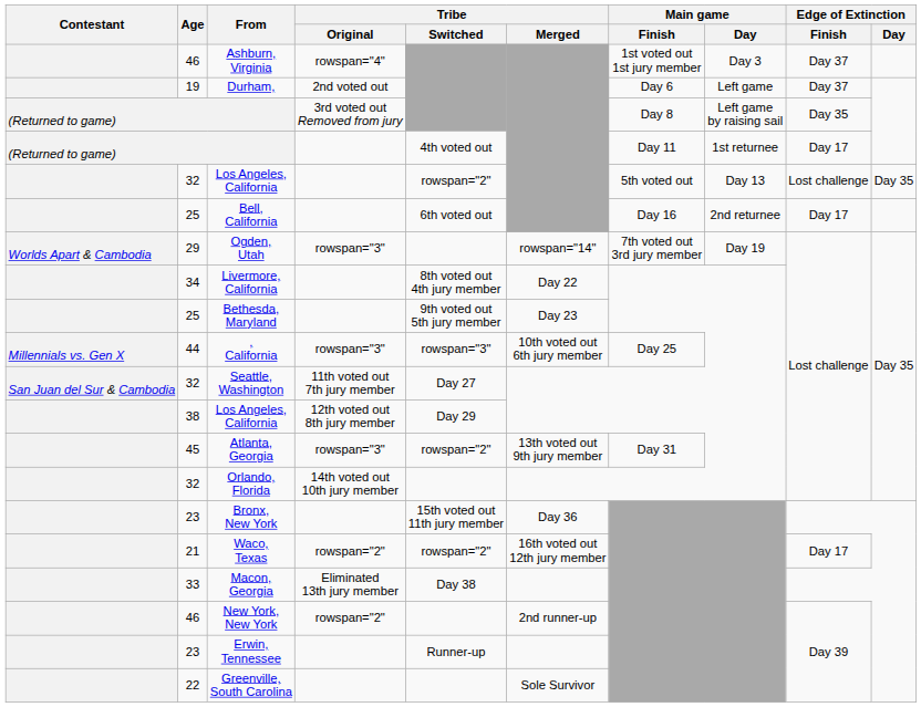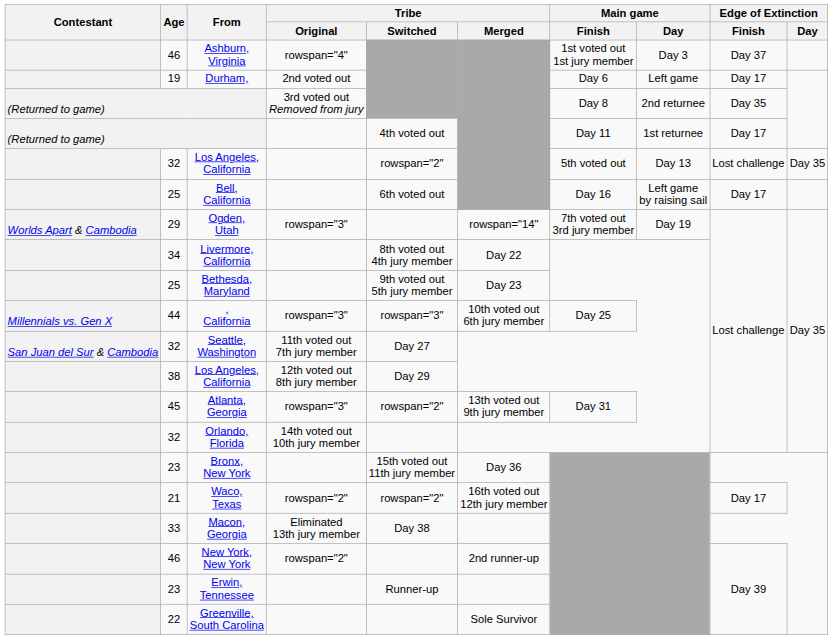 <table class="wikitable sortable" style="margin:auto; text-align:center">
 <tr>
 <th rowspan="2" scope="col">Contestant</th>
 <th rowspan="2" scope="col">Age</th>
 <th rowspan="2" scope="col" class=unsortable>From</th>
 <th colspan="3" scope="colgroup">Tribe</th>
 <th colspan="2" scope="colgroup">Main game</th>
 <th colspan="2" scope="col" class="unsortable">Edge of Extinction</th>
 </tr>
 <tr>
 <th scope="col">Original</th>
 <th scope="col">Switched</th>
 <th scope="col" class=unsortable>Merged</th>
 <th scope="col" class=unsortable>Finish</th>
 <th scope="col" class=unsortable>Day</th>
 <th scope="col" class=unsortable>Finish</th>
 <th scope="col" class=unsortable>Day</th>
 </tr>
 <tr>
 <th scope="row" style="text-align:left"></th>
 <td>46</td>
 <td><a href='#'>Ashburn,<br>Virginia</a></td>
 <td>rowspan="4" </td>
 <td rowspan="3" bgcolor="darkgrey"></td>
 <td rowspan="6" bgcolor="darkgrey"></td>
 <td>1st voted out<br>1st jury member</td>
 <td>Day 3</td>
 <td>Day 37</td>
 <td></td>
 </tr>
 <tr>
 <th scope="row" style="text-align:left"></th>
 <td>19</td>
 <td><a href='#'>Durham,<br></a></td>
 <td>2nd voted out</td>
 <td>Day 6</td>
 <td>Left game<br></td>
-<td>Day 37</td>
+<td>Day 17</td>
 </tr>
 <tr>
 <th colspan="3" scope="row" style="text-align:left;font-weight:normal"><em><br>(Returned to game)</em></th>
 <td>3rd voted out<br><em>Removed from jury</em></td>
 <td>Day 8</td>
-<td>Left game<br>by raising sail</td>
+<td>2nd returnee</td>
 <td>Day 35</td>
 </tr>
 <tr>
 <th colspan="3" scope="row" style="text-align:left;font-weight:normal"><em><br>(Returned to game)</em></th>
 <td></td>
 <td>4th voted out</td>
 <td>Day 11</td>
 <td>1st returnee</td>
 <td>Day 17</td>
 </tr>
 <tr>
 <th scope="row" style="text-align:left;font-weight:normal"><strong></strong><br></th>
 <td>32</td>
 <td><a href='#'>Los Angeles,<br>California</a></td>
 <td></td>
 <td>rowspan="2" </td>
 <td>5th voted out<br></td>
 <td>Day 13</td>
 <td>Lost challenge</td>
 <td>Day 35</td>
 </tr>
 <tr>
 <th scope="row" style="text-align:left"></th>
 <td>25</td>
 <td><a href='#'>Bell,<br>California</a></td>
 <td></td>
 <td>6th voted out</td>
 <td>Day 16</td>
-<td>2nd returnee</td>
+<td>Left game<br>by raising sail</td>
 <td>Day 17</td>
 </tr>
 <tr>
 <th scope="row" style="text-align:left;font-weight:normal"><strong></strong><br><em><a href='#'>Worlds Apart</a> & <a href='#'>Cambodia</a></em></th>
 <td>29</td>
 <td><a href='#'>Ogden,<br>Utah</a></td>
 <td>rowspan="3" </td>
 <td></td>
 <td>rowspan="14" </td>
 <td>7th voted out<br>3rd jury member</td>
 <td>Day 19</td>
 <td rowspan="8">Lost challenge</td>
 <td rowspan="8">Day 35</td>
 </tr>
 <tr>
 <th scope="row" style="text-align:left"></th>
 <td>34</td>
 <td><a href='#'>Livermore,<br>California</a></td>
 <td></td>
 <td>8th voted out<br>4th jury member</td>
 <td>Day 22</td>
 </tr>
 <tr>
 <th scope="row" style="text-align:left"></th>
 <td>25</td>
 <td><a href='#'>Bethesda,<br>Maryland</a></td>
 <td></td>
 <td>9th voted out<br>5th jury member</td>
 <td>Day 23</td>
 </tr>
 <tr>
 <th scope="row" style="text-align:left;font-weight:normal"><strong></strong><br><em><a href='#'>Millennials vs. Gen X</a></em></th>
 <td>44</td>
 <td><a href='#'>,<br>California</a></td>
 <td>rowspan="3" </td>
 <td>rowspan="3" </td>
 <td>10th voted out<br>6th jury member</td>
 <td>Day 25</td>
 </tr>
 <tr>
 <th scope="row" style="text-align:left;font-weight:normal"><strong></strong><br><em><a href='#'>San Juan del Sur</a> & <a href='#'>Cambodia</a></em></th>
 <td>32</td>
 <td><a href='#'>Seattle,<br>Washington</a></td>
 <td>11th voted out<br>7th jury member</td>
 <td>Day 27</td>
 </tr>
 <tr>
 <th scope="row" style="text-align:left"></th>
 <td>38</td>
 <td><a href='#'>Los Angeles,<br>California</a></td>
 <td>12th voted out<br>8th jury member</td>
 <td>Day 29</td>
 </tr>
 <tr>
 <th scope="row" style="text-align:left"></th>
 <td>45</td>
 <td><a href='#'>Atlanta,<br>Georgia</a></td>
 <td>rowspan="3" </td>
 <td>rowspan="2" </td>
 <td>13th voted out<br>9th jury member</td>
 <td>Day 31</td>
 </tr>
 <tr>
 <th scope="row" style="text-align:left"></th>
 <td>32</td>
 <td><a href='#'>Orlando,<br>Florida</a></td>
 <td>14th voted out<br>10th jury member</td>
 <td></td>
 </tr>
 <tr>
 <th scope="row" style="text-align:left"></th>
 <td>23</td>
 <td><a href='#'>Bronx,<br>New York</a></td>
 <td></td>
 <td>15th voted out<br>11th jury member</td>
 <td>Day 36</td>
 <td colspan="2" rowspan="6" bgcolor="darkgray"></td>
 </tr>
 <tr>
 <th scope="row" style="text-align:left"></th>
 <td>21</td>
 <td><a href='#'>Waco,<br>Texas</a></td>
 <td>rowspan="2" </td>
 <td>rowspan="2" </td>
 <td>16th voted out<br>12th jury member</td>
 <td>Day 17</td>
 </tr>
 <tr>
 <th scope="row" style="text-align:left"></th>
 <td>33</td>
 <td><a href='#'>Macon,<br>Georgia</a></td>
 <td>Eliminated<br>13th jury member</td>
 <td>Day 38</td>
 </tr>
 <tr>
 <th scope="row" style="text-align:left"></th>
 <td>46</td>
 <td><a href='#'>New York,<br>New York</a></td>
 <td>rowspan="2" </td>
 <td></td>
 <td>2nd runner-up</td>
 <td rowspan="3">Day 39</td>
 </tr>
 <tr>
 <th scope="row" style="text-align:left"></th>
 <td>23</td>
 <td><a href='#'>Erwin,<br>Tennessee</a></td>
 <td></td>
 <td>Runner-up</td>
 </tr>
 <tr>
 <th scope="row" style="text-align:left"></th>
 <td>22</td>
 <td><a href='#'>Greenville,<br>South Carolina</a></td>
 <td></td>
 <td></td>
 <td>Sole Survivor</td>
 </tr>
 </table>
